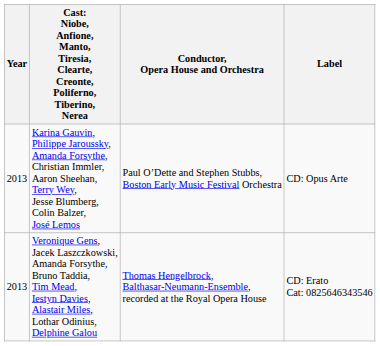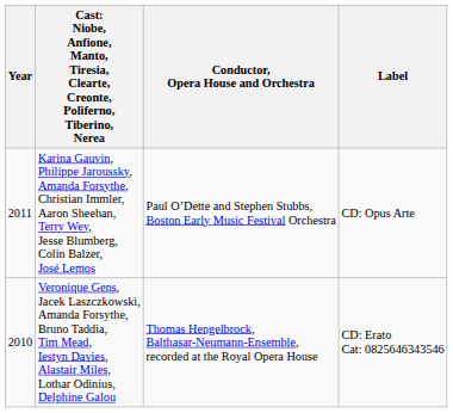 <table class="wikitable">
 <tr>
 <th>Year</th>
 <th>Cast:<br>Niobe,<br>Anfione,<br>Manto,<br>Tiresia,<br>Clearte,<br>Creonte,<br>Poliferno,<br>Tiberino,<br>Nerea</th>
 <th>Conductor,<br>Opera House and Orchestra</th>
 <th>Label</th>
 </tr>
 <tr>
-<td>2013</td>
+<td>2011</td>
 <td><a href='#'>Karina Gauvin</a>,<br><a href='#'>Philippe Jaroussky</a>,<br><a href='#'>Amanda Forsythe</a>,<br>Christian Immler,<br>Aaron Sheehan,<br><a href='#'>Terry Wey</a>,<br>Jesse Blumberg,<br>Colin Balzer,<br><a href='#'>José Lemos</a></td>
 <td>Paul O’Dette and Stephen Stubbs,<br><a href='#'>Boston Early Music Festival</a> Orchestra</td>
 <td>CD: Opus Arte</td>
 </tr>
 <tr>
-<td>2013</td>
+<td>2010</td>
 <td><a href='#'>Veronique Gens</a>,<br>Jacek Laszczkowski,<br>Amanda Forsythe,<br>Bruno Taddia,<br><a href='#'>Tim Mead</a>,<br><a href='#'>Iestyn Davies</a>,<br><a href='#'>Alastair Miles</a>,<br>Lothar Odinius,<br><a href='#'>Delphine Galou</a></td>
 <td><a href='#'>Thomas Hengelbrock</a>,<br><a href='#'>Balthasar-Neumann-Ensemble</a>,<br>recorded at the Royal Opera House</td>
 <td>CD: Erato<br>Cat: 0825646343546</td>
 </tr>
 </table>
